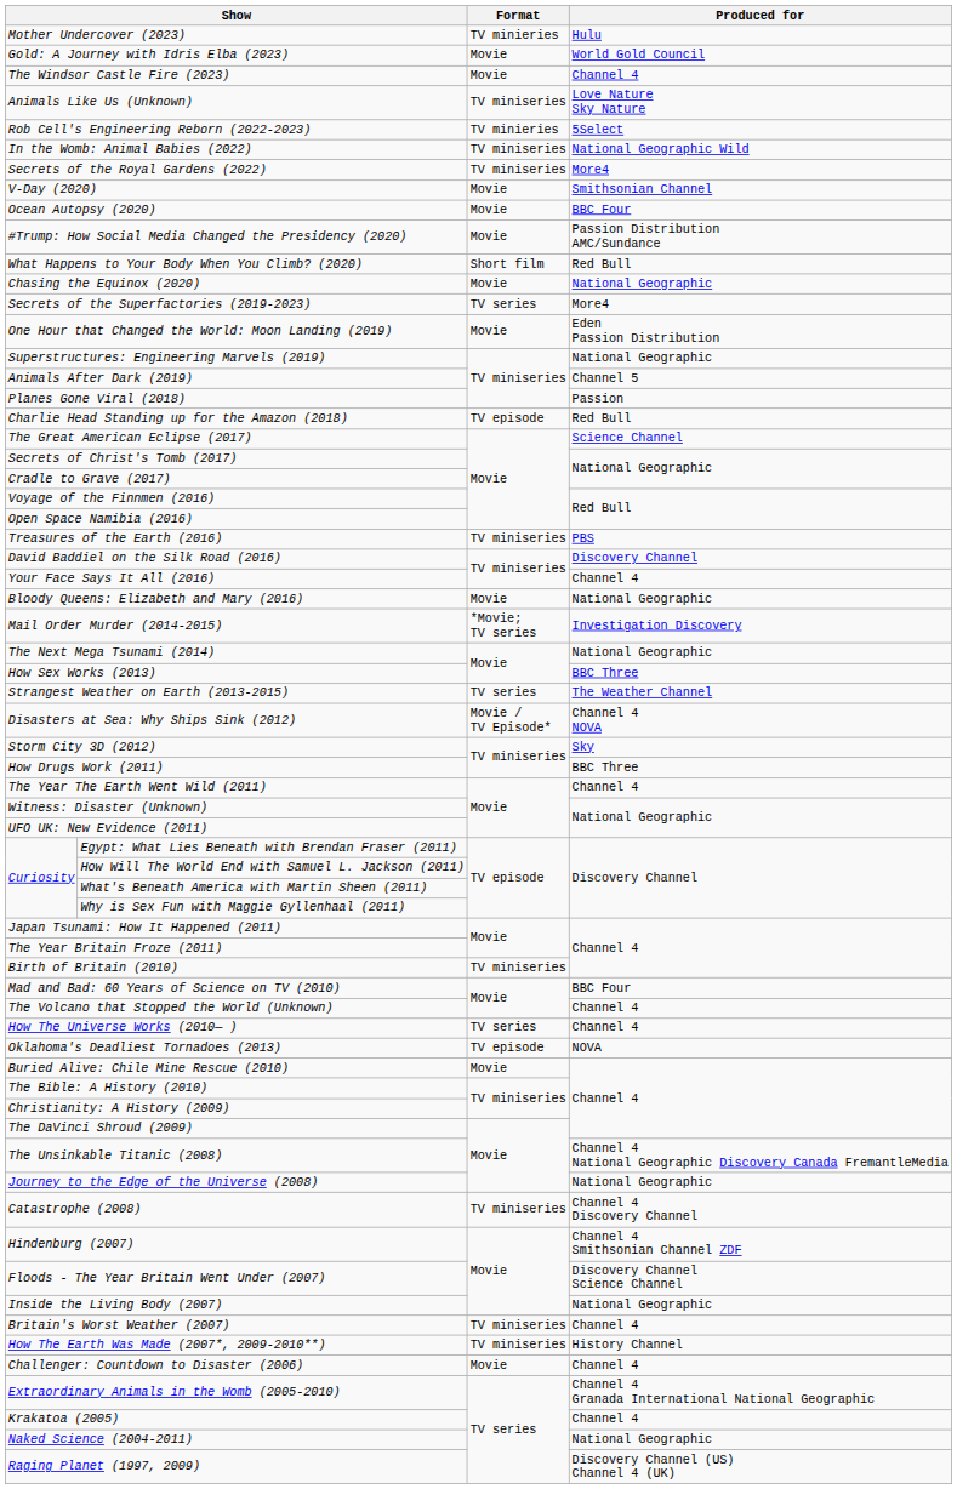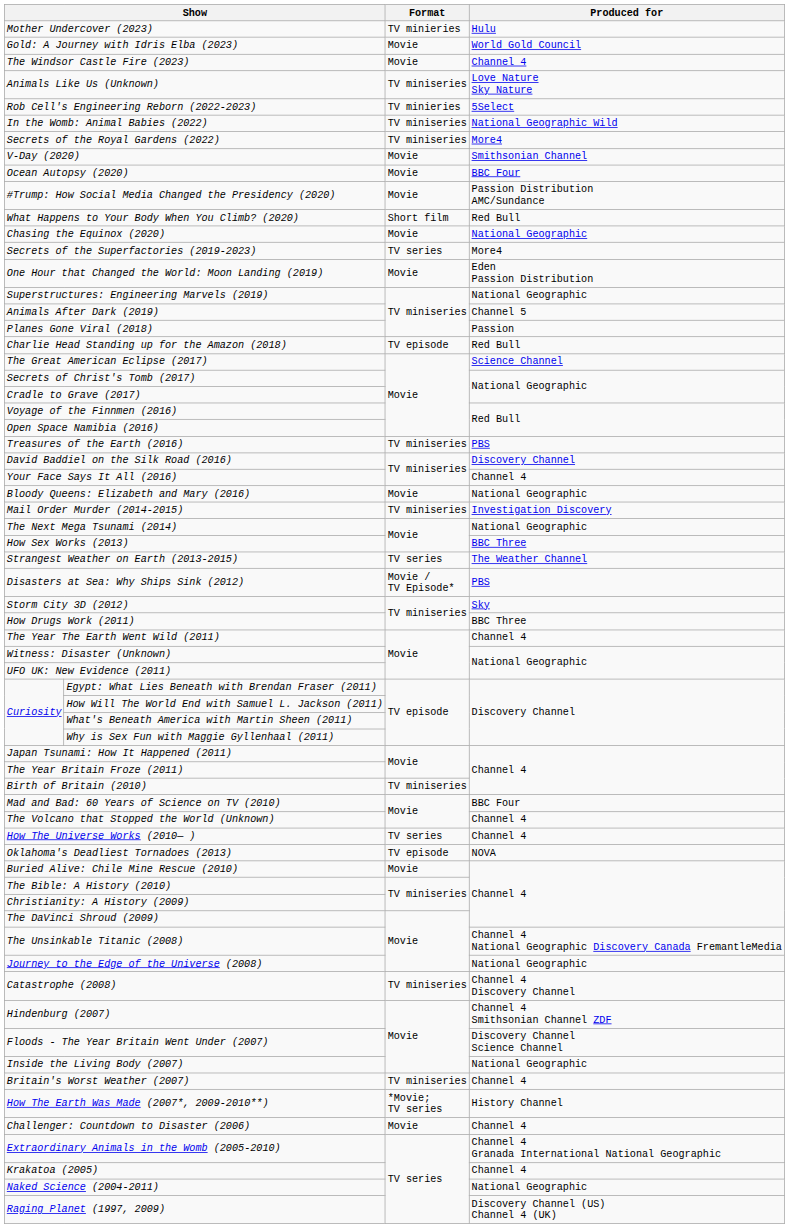 <table class="wikitable">
 <tr>
 <th colspan="2">Show</th>
 <th>Format</th>
 <th>Produced for</th>
 </tr>
 <tr>
 <td colspan="2"><em>Mother Undercover (2023)</em></td>
 <td>TV minieries</td>
 <td><a href='#'>Hulu</a></td>
 </tr>
 <tr>
 <td colspan="2"><em>Gold: A Journey with Idris Elba (2023)</em></td>
 <td>Movie</td>
 <td><a href='#'>World Gold Council</a></td>
 </tr>
 <tr>
 <td colspan="2"><em>The Windsor Castle Fire (2023)</em></td>
 <td>Movie</td>
 <td><a href='#'>Channel 4</a></td>
 </tr>
 <tr>
 <td colspan="2"><em>Animals Like Us (Unknown)</em></td>
 <td>TV miniseries</td>
 <td><a href='#'>Love Nature</a><br><a href='#'>Sky Nature</a></td>
 </tr>
 <tr>
 <td colspan="2"><em>Rob Cell's Engineering Reborn (2022-2023)</em></td>
 <td>TV minieries</td>
 <td><a href='#'>5Select</a></td>
 </tr>
 <tr>
 <td colspan="2"><em>In the Womb: Animal Babies (2022)</em></td>
 <td>TV miniseries</td>
 <td><a href='#'>National Geographic Wild</a></td>
 </tr>
 <tr>
 <td colspan="2"><em>Secrets of the Royal Gardens (2022)</em></td>
 <td>TV miniseries</td>
 <td><a href='#'>More4</a></td>
 </tr>
 <tr>
 <td colspan="2"><em>V-Day (2020)</em></td>
 <td>Movie</td>
 <td><a href='#'>Smithsonian Channel</a></td>
 </tr>
 <tr>
 <td colspan="2"><em>Ocean Autopsy (2020)</em></td>
 <td>Movie</td>
 <td><a href='#'>BBC Four</a></td>
 </tr>
 <tr>
 <td colspan="2"><em>#Trump: How Social Media Changed the Presidency (2020)</em></td>
 <td>Movie</td>
 <td>Passion Distribution<br>AMC/Sundance</td>
 </tr>
 <tr>
 <td colspan="2"><em>What Happens to Your Body When You Climb? (2020)</em></td>
 <td>Short film</td>
 <td>Red Bull</td>
 </tr>
 <tr>
 <td colspan="2"><em>Chasing the Equinox (2020)</em></td>
 <td>Movie</td>
 <td><a href='#'>National Geographic</a></td>
 </tr>
 <tr>
 <td colspan="2"><em>Secrets of the Superfactories (2019-2023)</em></td>
 <td>TV series</td>
 <td>More4</td>
 </tr>
 <tr>
 <td colspan="2"><em>One Hour that Changed the World: Moon Landing (2019)</em></td>
 <td>Movie</td>
 <td>Eden<br>Passion Distribution</td>
 </tr>
 <tr>
 <td colspan="2"><em>Superstructures: Engineering Marvels (2019)</em></td>
 <td rowspan="3">TV miniseries</td>
 <td>National Geographic</td>
 </tr>
 <tr>
 <td colspan="2"><em>Animals After Dark (2019)</em></td>
 <td>Channel 5</td>
 </tr>
 <tr>
 <td colspan="2"><em>Planes Gone Viral (2018)</em></td>
 <td>Passion</td>
 </tr>
 <tr>
 <td colspan="2"><em>Charlie Head Standing up for the Amazon (2018)</em></td>
 <td>TV episode</td>
 <td>Red Bull</td>
 </tr>
 <tr>
 <td colspan="2"><em>The Great American Eclipse (2017)</em></td>
 <td rowspan="5">Movie</td>
 <td><a href='#'>Science Channel</a></td>
 </tr>
 <tr>
 <td colspan="2"><em>Secrets of Christ's Tomb (2017)</em></td>
 <td rowspan="2">National Geographic</td>
 </tr>
 <tr>
 <td colspan="2"><em>Cradle to Grave (2017)</em></td>
 </tr>
 <tr>
 <td colspan="2"><em>Voyage of the Finnmen (2016)</em></td>
 <td rowspan="2">Red Bull</td>
 </tr>
 <tr>
 <td colspan="2"><em>Open Space Namibia (2016)</em></td>
 </tr>
 <tr>
 <td colspan="2"><em>Treasures of the Earth (2016)</em></td>
 <td>TV miniseries</td>
 <td><a href='#'>PBS</a></td>
 </tr>
 <tr>
 <td colspan="2"><em>David Baddiel on the Silk Road (2016)</em></td>
 <td rowspan="2">TV miniseries</td>
 <td><a href='#'>Discovery Channel</a></td>
 </tr>
 <tr>
 <td colspan="2"><em>Your Face Says It All (2016)</em></td>
 <td>Channel 4</td>
 </tr>
 <tr>
 <td colspan="2"><em>Bloody Queens: Elizabeth and Mary (2016)</em></td>
 <td>Movie</td>
 <td>National Geographic</td>
 </tr>
 <tr>
 <td colspan="2"><em>Mail Order Murder (2014-2015)</em></td>
-<td>*Movie;<br>TV series</td>
+<td>TV miniseries</td>
 <td><a href='#'>Investigation Discovery</a></td>
 </tr>
 <tr>
 <td colspan="2"><em>The Next Mega Tsunami (2014)</em></td>
 <td rowspan="2">Movie</td>
 <td>National Geographic</td>
 </tr>
 <tr>
 <td colspan="2"><em>How Sex Works (2013)</em></td>
 <td><a href='#'>BBC Three</a></td>
 </tr>
 <tr>
 <td colspan="2"><em>Strangest Weather on Earth (2013-2015)</em></td>
 <td>TV series</td>
 <td><a href='#'>The Weather Channel</a></td>
 </tr>
 <tr>
 <td colspan="2"><em>Disasters at Sea: Why Ships Sink (2012)</em></td>
 <td>Movie /<br>TV Episode*</td>
-<td>Channel 4<br><a href='#'>NOVA</a></td>
+<td><a href='#'>PBS</a></td>
 </tr>
 <tr>
 <td colspan="2"><em>Storm City 3D (2012)</em></td>
 <td rowspan="2">TV miniseries</td>
 <td><a href='#'>Sky</a></td>
 </tr>
 <tr>
 <td colspan="2"><em>How Drugs Work (2011)</em></td>
 <td>BBC Three</td>
 </tr>
 <tr>
 <td colspan="2"><em>The Year The Earth Went Wild (2011)</em></td>
 <td rowspan="3">Movie</td>
 <td>Channel 4</td>
 </tr>
 <tr>
 <td colspan="2"><em>Witness: Disaster (Unknown)</em></td>
 <td rowspan="2">National Geographic</td>
 </tr>
 <tr>
 <td colspan="2"><em>UFO UK: New Evidence (2011)</em></td>
 </tr>
 <tr>
 <td rowspan="4"><em><a href='#'>Curiosity</a></em></td>
 <td><em>Egypt: What Lies Beneath with Brendan Fraser (2011)</em></td>
 <td rowspan="4">TV episode</td>
 <td rowspan="4">Discovery Channel</td>
 </tr>
 <tr>
 <td><em>How Will The World End with Samuel L. Jackson (2011)</em></td>
 </tr>
 <tr>
 <td><em>What's Beneath America with Martin Sheen (2011)</em></td>
 </tr>
 <tr>
 <td><em>Why is Sex Fun with Maggie Gyllenhaal (2011)</em></td>
 </tr>
 <tr>
 <td colspan="2"><em>Japan Tsunami: How It Happened (2011)</em></td>
 <td rowspan="2">Movie</td>
 <td rowspan="3">Channel 4</td>
 </tr>
 <tr>
 <td colspan="2"><em>The Year Britain Froze (2011)</em></td>
 </tr>
 <tr>
 <td colspan="2"><em>Birth of Britain (2010)</em></td>
 <td>TV miniseries</td>
 </tr>
 <tr>
 <td colspan="2"><em>Mad and Bad: 60 Years of Science on TV (2010)</em></td>
 <td rowspan="2">Movie</td>
 <td>BBC Four</td>
 </tr>
 <tr>
 <td colspan="2"><em>The Volcano that Stopped the World (Unknown)</em></td>
 <td>Channel 4</td>
 </tr>
 <tr>
 <td colspan="2"><em><a href='#'>How The Universe Works</a> (2010— )</em></td>
 <td>TV series</td>
 <td>Channel 4</td>
 </tr>
 <tr>
 <td colspan="2"><em>Oklahoma's Deadliest Tornadoes (2013)</em></td>
 <td>TV episode</td>
 <td>NOVA</td>
 </tr>
 <tr>
 <td colspan="2"><em>Buried Alive: Chile Mine Rescue (2010)</em></td>
 <td>Movie</td>
 <td rowspan="4">Channel 4</td>
 </tr>
 <tr>
 <td colspan="2"><em>The Bible: A History (2010)</em></td>
 <td rowspan="2">TV miniseries</td>
 </tr>
 <tr>
 <td colspan="2"><em>Christianity: A History (2009)</em></td>
 </tr>
 <tr>
 <td colspan="2"><em>The DaVinci Shroud (2009)</em></td>
 <td rowspan="3">Movie</td>
 </tr>
 <tr>
 <td colspan="2"><em>The Unsinkable Titanic (2008)</em></td>
 <td>Channel 4<br>National Geographic <a href='#'>Discovery Canada</a> FremantleMedia</td>
 </tr>
 <tr>
 <td colspan="2"><em><a href='#'>Journey to the Edge of the Universe</a> (2008)</em></td>
 <td>National Geographic</td>
 </tr>
 <tr>
 <td colspan="2"><em>Catastrophe (2008)</em></td>
 <td>TV miniseries</td>
 <td>Channel 4<br>Discovery Channel</td>
 </tr>
 <tr>
 <td colspan="2"><em>Hindenburg (2007)</em></td>
 <td rowspan="3">Movie</td>
 <td>Channel 4<br>Smithsonian Channel <a href='#'>ZDF</a></td>
 </tr>
 <tr>
 <td colspan="2"><em>Floods - The Year Britain Went Under (2007)</em></td>
 <td>Discovery Channel<br>Science Channel</td>
 </tr>
 <tr>
 <td colspan="2"><em>Inside the Living Body (2007)</em></td>
 <td>National Geographic</td>
 </tr>
 <tr>
 <td colspan="2"><em>Britain's Worst Weather (2007)</em></td>
 <td>TV miniseries</td>
 <td>Channel 4</td>
 </tr>
 <tr>
 <td colspan="2"><em><a href='#'>How The Earth Was Made</a> (2007*, 2009-2010**)</em></td>
-<td>TV miniseries</td>
+<td>*Movie;<br>TV series</td>
 <td>History Channel</td>
 </tr>
 <tr>
 <td colspan="2"><em>Challenger: Countdown to Disaster (2006)</em></td>
 <td>Movie</td>
 <td>Channel 4</td>
 </tr>
 <tr>
 <td colspan="2"><em><a href='#'>Extraordinary Animals in the Womb</a> (2005-2010)</em></td>
 <td rowspan="4">TV series</td>
 <td>Channel 4<br>Granada International National Geographic</td>
 </tr>
 <tr>
 <td colspan="2"><em>Krakatoa (2005)</em></td>
 <td>Channel 4</td>
 </tr>
 <tr>
 <td colspan="2"><em><a href='#'>Naked Science</a> (2004-2011)</em></td>
 <td>National Geographic</td>
 </tr>
 <tr>
 <td colspan="2"><em><a href='#'>Raging Planet</a> (1997, 2009)</em></td>
 <td>Discovery Channel (US)<br>Channel 4 (UK)</td>
 </tr>
 </table>
